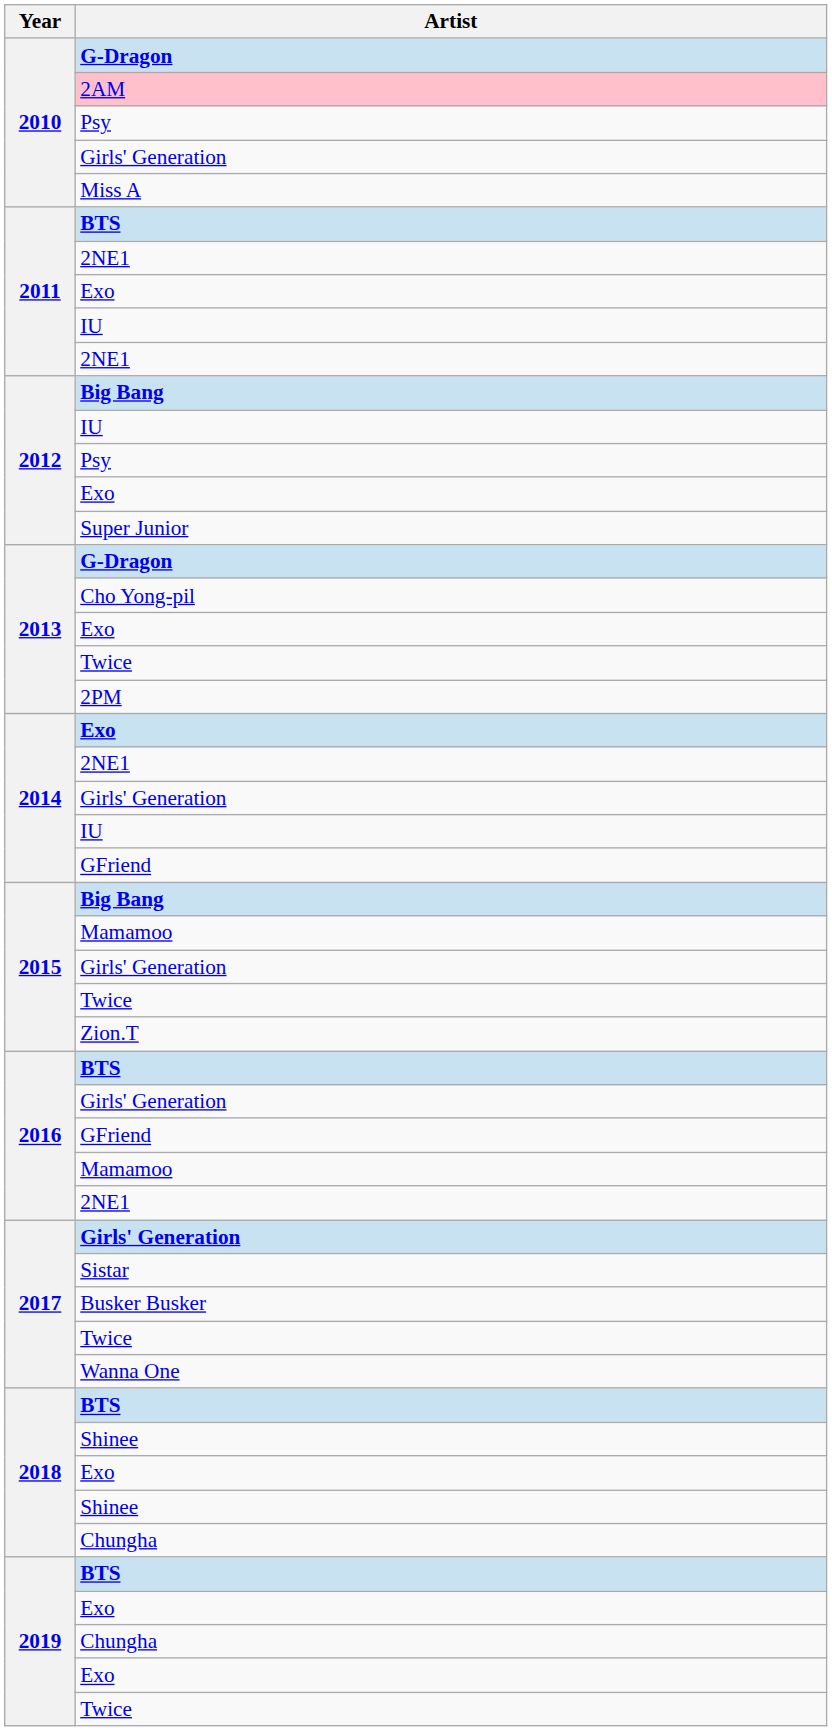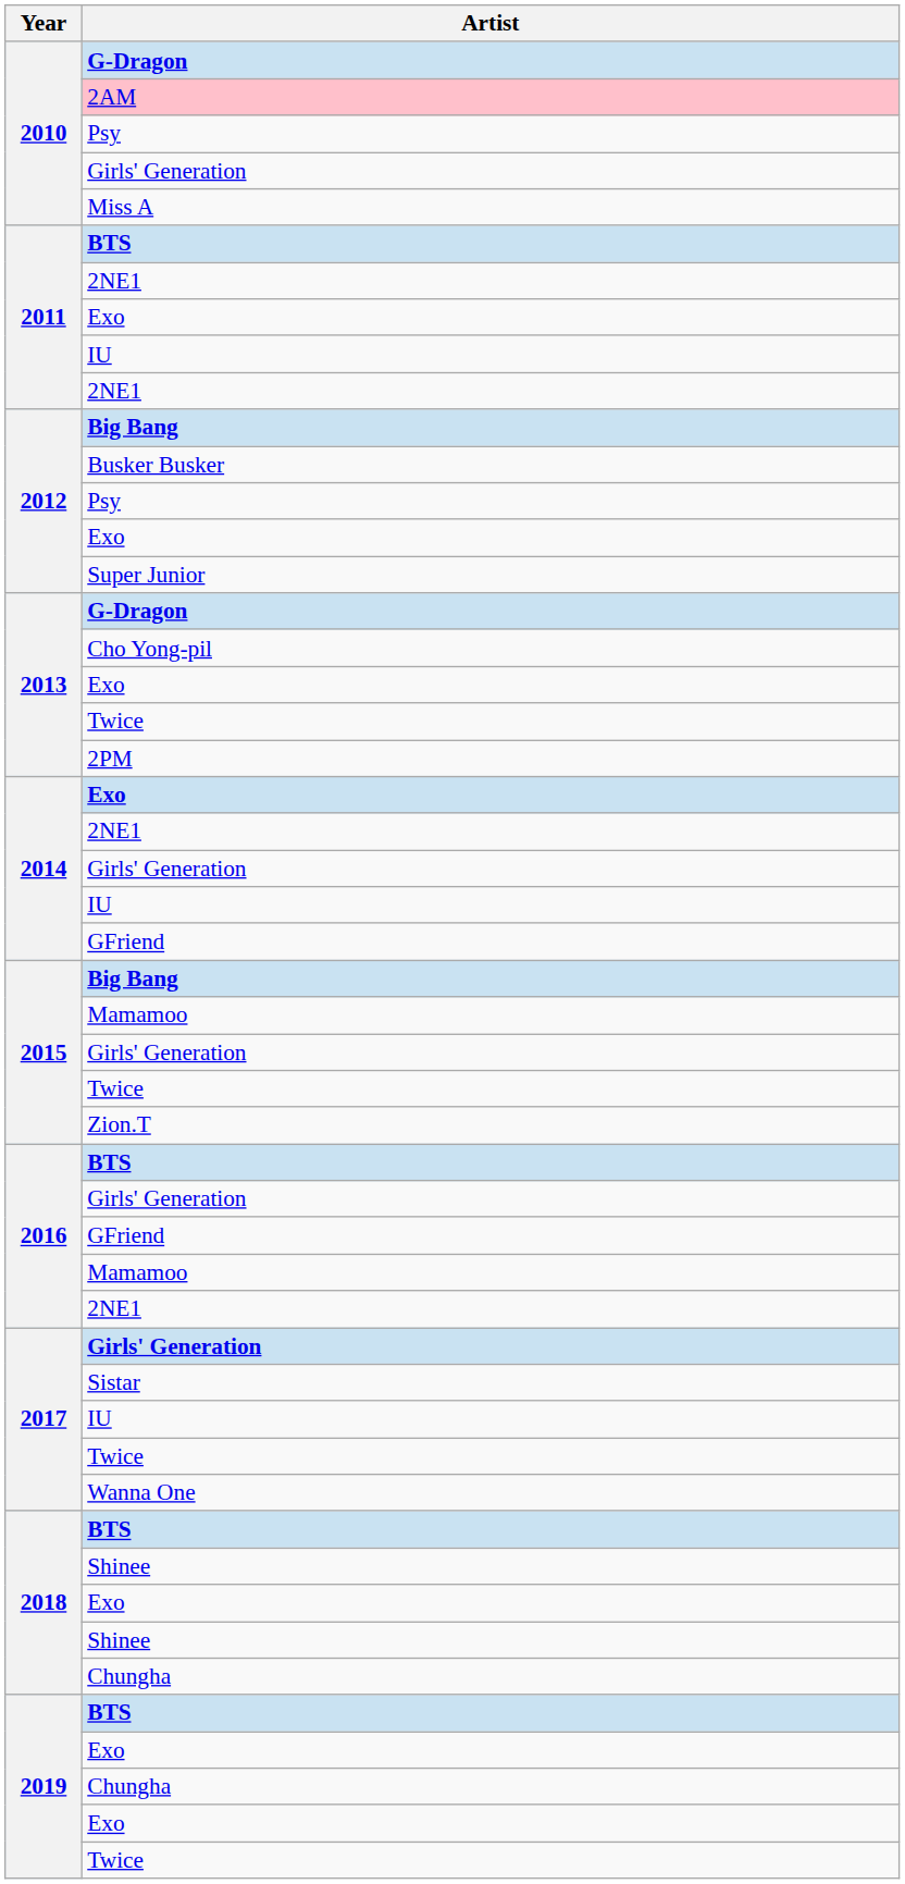 <table class="wikitable" width="70%">
 <tr>
 <th width="8%">Year</th>
 <th width="85%">Artist</th>
 </tr>
 <tr style="background:#c9e2f2">
 <th rowspan="5"><a href='#'>2010</a></th>
 <td><strong><a href='#'>G-Dragon</a></strong></td>
 </tr>
 <tr>
 <td style="background: pink;"><a href='#'>2AM</a></td>
 </tr>
 <tr>
 <td><a href='#'>Psy</a></td>
 </tr>
 <tr>
 <td><a href='#'>Girls' Generation</a></td>
 </tr>
 <tr>
 <td><a href='#'>Miss A</a></td>
 </tr>
 <tr style="background:#c9e2f2">
 <th rowspan="5"><a href='#'>2011</a></th>
 <td><strong><a href='#'>BTS</a></strong></td>
 </tr>
 <tr>
 <td><a href='#'>2NE1</a></td>
 </tr>
 <tr>
 <td><a href='#'>Exo</a></td>
 </tr>
 <tr>
 <td><a href='#'>IU</a></td>
 </tr>
 <tr>
 <td><a href='#'>2NE1</a></td>
 </tr>
 <tr style="background:#c9e2f2">
 <th rowspan="5"><a href='#'>2012</a></th>
 <td><a href='#'><strong>Big Bang</strong></a></td>
 </tr>
 <tr>
-<td><a href='#'>IU</a></td>
+<td><a href='#'>Busker Busker</a></td>
 </tr>
 <tr>
 <td><a href='#'>Psy</a></td>
 </tr>
 <tr>
 <td><a href='#'>Exo</a></td>
 </tr>
 <tr>
 <td><a href='#'>Super Junior</a></td>
 </tr>
 <tr style="background:#c9e2f2">
 <th rowspan="5"><a href='#'>2013</a></th>
 <td><strong><a href='#'>G-Dragon</a></strong></td>
 </tr>
 <tr>
 <td><a href='#'>Cho Yong-pil</a></td>
 </tr>
 <tr>
 <td><a href='#'>Exo</a></td>
 </tr>
 <tr>
 <td><a href='#'>Twice</a></td>
 </tr>
 <tr>
 <td><a href='#'>2PM</a></td>
 </tr>
 <tr style="background:#c9e2f2">
 <th rowspan="5"><a href='#'>2014</a></th>
 <td><a href='#'><strong>Exo</strong></a></td>
 </tr>
 <tr>
 <td><a href='#'>2NE1</a></td>
 </tr>
 <tr>
 <td><a href='#'>Girls' Generation</a></td>
 </tr>
 <tr>
 <td><a href='#'>IU</a></td>
 </tr>
 <tr>
 <td><a href='#'>GFriend</a></td>
 </tr>
 <tr style="background:#c9e2f2">
 <th rowspan="5"><a href='#'>2015</a></th>
 <td><a href='#'><strong>Big Bang</strong></a></td>
 </tr>
 <tr>
 <td><a href='#'>Mamamoo</a></td>
 </tr>
 <tr>
 <td><a href='#'>Girls' Generation</a></td>
 </tr>
 <tr>
 <td><a href='#'>Twice</a></td>
 </tr>
 <tr>
 <td><a href='#'>Zion.T</a></td>
 </tr>
 <tr style="background:#c9e2f2">
 <th rowspan="5"><a href='#'>2016</a></th>
 <td><strong><a href='#'>BTS</a></strong></td>
 </tr>
 <tr>
 <td><a href='#'>Girls' Generation</a></td>
 </tr>
 <tr>
 <td><a href='#'>GFriend</a></td>
 </tr>
 <tr>
 <td><a href='#'>Mamamoo</a></td>
 </tr>
 <tr>
 <td><a href='#'>2NE1</a></td>
 </tr>
 <tr style="background:#c9e2f2">
 <th rowspan="5"><a href='#'>2017</a></th>
 <td><strong><a href='#'>Girls' Generation</a></strong></td>
 </tr>
 <tr>
 <td><a href='#'>Sistar</a></td>
 </tr>
 <tr>
-<td><a href='#'>Busker Busker</a></td>
+<td><a href='#'>IU</a></td>
 </tr>
 <tr>
 <td><a href='#'>Twice</a></td>
 </tr>
 <tr>
 <td><a href='#'>Wanna One</a></td>
 </tr>
 <tr style="background:#c9e2f2">
 <th rowspan="5"><a href='#'>2018</a></th>
 <td><strong><a href='#'>BTS</a></strong></td>
 </tr>
 <tr>
 <td><a href='#'>Shinee</a></td>
 </tr>
 <tr>
 <td><a href='#'>Exo</a></td>
 </tr>
 <tr>
 <td><a href='#'>Shinee</a></td>
 </tr>
 <tr>
 <td><a href='#'>Chungha</a></td>
 </tr>
 <tr style="background:#c9e2f2">
 <th rowspan="5"><a href='#'>2019</a></th>
 <td><strong><a href='#'>BTS</a></strong></td>
 </tr>
 <tr>
 <td><a href='#'>Exo</a></td>
 </tr>
 <tr>
 <td><a href='#'>Chungha</a></td>
 </tr>
 <tr>
 <td><a href='#'>Exo</a></td>
 </tr>
 <tr>
 <td><a href='#'>Twice</a></td>
 </tr>
 </table>
